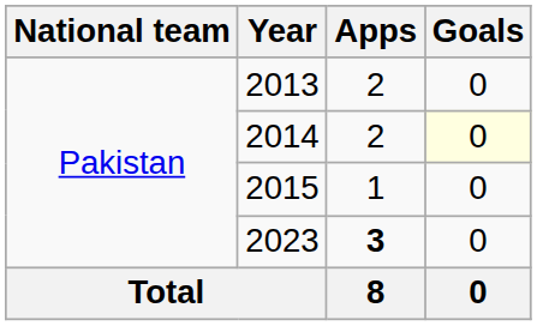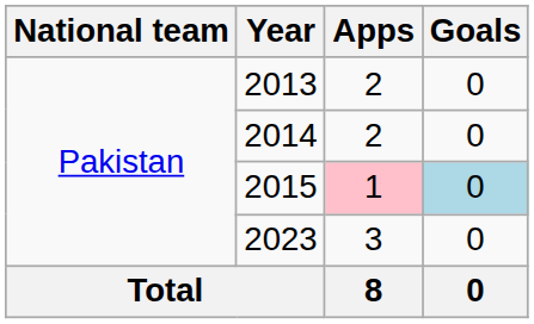 <table class="wikitable" style="text-align:center">
 <tr>
 <th>National team</th>
 <th>Year</th>
 <th>Apps</th>
 <th>Goals</th>
 </tr>
 <tr>
 <td rowspan="4"><a href='#'>Pakistan</a></td>
 <td>2013</td>
 <td>2</td>
 <td>0</td>
 </tr>
 <tr>
 <td>2014</td>
 <td>2</td>
-<td style="background: lightyellow;">0</td>
+<td>0</td>
 </tr>
 <tr>
 <td>2015</td>
-<td>1</td>
-<td>0</td>
+<td style="background: pink;">1</td>
+<td style="background: lightblue;">0</td>
 </tr>
 <tr>
 <td>2023</td>
-<td><strong>3</strong></td>
+<td>3</td>
 <td>0</td>
 </tr>
 <tr>
 <th colspan="2">Total</th>
 <th>8</th>
 <th>0</th>
 </tr>
 </table>
